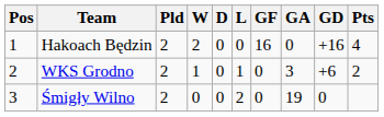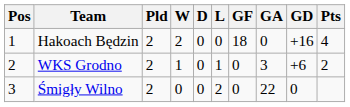 <table class="wikitable" style="display: inline-table;">
 <tr>
 <th>Pos</th>
 <th>Team</th>
 <th>Pld</th>
 <th>W</th>
 <th>D</th>
 <th>L</th>
 <th>GF</th>
 <th>GA</th>
 <th>GD</th>
 <th>Pts</th>
 </tr>
 <tr>
 <td>1</td>
 <td>Hakoach Będzin</td>
 <td>2</td>
 <td>2</td>
 <td>0</td>
 <td>0</td>
-<td>16</td>
+<td>18</td>
 <td>0</td>
 <td>+16</td>
 <td>4</td>
 </tr>
 <tr>
 <td>2</td>
 <td><a href='#'>WKS Grodno</a></td>
 <td>2</td>
 <td>1</td>
 <td>0</td>
 <td>1</td>
 <td>0</td>
 <td>3</td>
 <td>+6</td>
 <td>2</td>
 </tr>
 <tr>
 <td>3</td>
 <td><a href='#'>Śmigły Wilno</a></td>
 <td>2</td>
 <td>0</td>
 <td>0</td>
 <td>2</td>
 <td>0</td>
-<td>19</td>
+<td>22</td>
 <td>0</td>
 </tr>
 </table>
